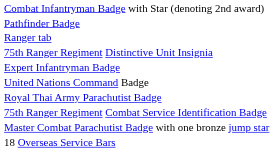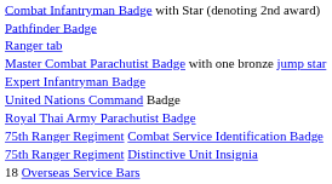 <table>
 <tr>
 <td> <a href='#'>Combat Infantryman Badge</a> with Star (denoting 2nd award)</td>
 </tr>
 <tr>
 <td> <a href='#'>Pathfinder Badge</a></td>
 </tr>
 <tr>
 <td> <a href='#'>Ranger tab</a></td>
 </tr>
 <tr>
-<td> <a href='#'>75th Ranger Regiment</a> <a href='#'>Distinctive Unit Insignia</a></td>
+<td><span></span> <a href='#'>Master Combat Parachutist Badge</a> with one bronze <a href='#'>jump star</a></td>
 </tr>
 <tr>
 <td> <a href='#'>Expert Infantryman Badge</a></td>
 </tr>
 <tr>
 <td> <a href='#'>United Nations Command</a> Badge</td>
 </tr>
 <tr>
 <td> <a href='#'>Royal Thai Army Parachutist Badge</a></td>
 </tr>
 <tr>
 <td> <a href='#'>75th Ranger Regiment</a> <a href='#'>Combat Service Identification Badge</a></td>
 </tr>
 <tr>
-<td><span></span> <a href='#'>Master Combat Parachutist Badge</a> with one bronze <a href='#'>jump star</a></td>
+<td> <a href='#'>75th Ranger Regiment</a> <a href='#'>Distinctive Unit Insignia</a></td>
 </tr>
 <tr>
 <td> 18 <a href='#'>Overseas Service Bars</a></td>
 </tr>
 <tr>
 </tr>
 </table>
